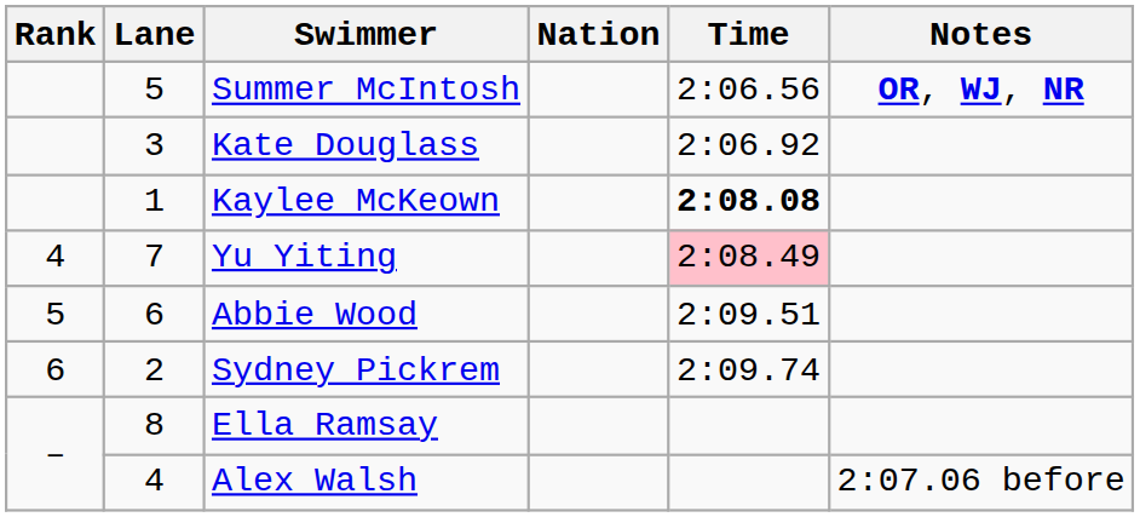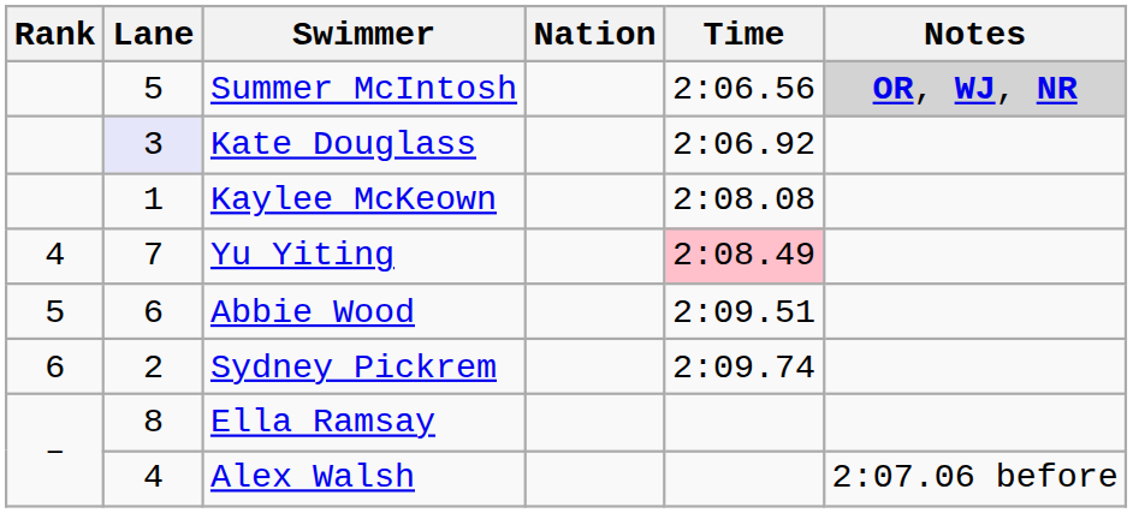 <table class="wikitable sortable mw-collapsible" style="text-align:center">
 <tr>
 <th scope="col">Rank</th>
 <th scope="col">Lane</th>
 <th scope="col">Swimmer</th>
 <th scope="col">Nation</th>
 <th scope="col">Time</th>
 <th scope="col">Notes</th>
 </tr>
 <tr>
 <td></td>
 <td>5</td>
 <td align="left"><a href='#'>Summer McIntosh</a></td>
 <td align="left"></td>
 <td>2:06.56</td>
-<td><strong><a href='#'>OR</a></strong>, <strong><a href='#'>WJ</a></strong>, <strong><a href='#'>NR</a></strong></td>
+<td style="background: lightgrey;"><strong><a href='#'>OR</a></strong>, <strong><a href='#'>WJ</a></strong>, <strong><a href='#'>NR</a></strong></td>
 </tr>
 <tr>
 <td></td>
-<td>3</td>
+<td style="background: lavender;">3</td>
 <td align="left"><a href='#'>Kate Douglass</a></td>
 <td align="left"></td>
 <td>2:06.92</td>
 <td></td>
 </tr>
 <tr>
 <td></td>
 <td>1</td>
 <td align="left"><a href='#'>Kaylee McKeown</a></td>
 <td align="left"></td>
-<td><strong>2:08.08</strong></td>
+<td>2:08.08</td>
 <td></td>
 </tr>
 <tr>
 <td>4</td>
 <td>7</td>
 <td align="left"><a href='#'>Yu Yiting</a></td>
 <td align="left"></td>
 <td style="background: pink;">2:08.49</td>
 <td></td>
 </tr>
 <tr>
 <td>5</td>
 <td>6</td>
 <td align="left"><a href='#'>Abbie Wood</a></td>
 <td align="left"></td>
 <td>2:09.51</td>
 <td></td>
 </tr>
 <tr>
 <td>6</td>
 <td>2</td>
 <td align="left"><a href='#'>Sydney Pickrem</a></td>
 <td align="left"></td>
 <td>2:09.74</td>
 <td></td>
 </tr>
 <tr>
 <td rowspan="2">–</td>
 <td>8</td>
 <td align="left"><a href='#'>Ella Ramsay</a></td>
 <td align="left"></td>
 <td></td>
 <td></td>
 </tr>
 <tr>
 <td>4</td>
 <td align="left"><a href='#'>Alex Walsh</a></td>
 <td align="left"></td>
 <td></td>
 <td>2:07.06 before </td>
 </tr>
 </table>
